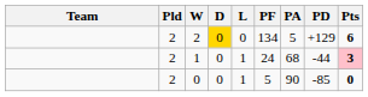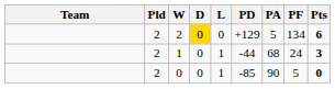 <table class="wikitable" style="text-align:center;">
 <tr>
 <th width=175>Team</th>
 <th width=20 abbr="Played">Pld</th>
 <th width=20 abbr="Won">W</th>
 <th width=20 abbr="Drawn">D</th>
 <th width=20 abbr="Lost">L</th>
+<th width=25 abbr="Points difference">PD</th>
+<th width=20 abbr="Points against">PA</th>
 <th width=20 abbr="Points for">PF</th>
-<th width=20 abbr="Points against">PA</th>
-<th width=25 abbr="Points difference">PD</th>
 <th width=20 abbr="Points">Pts</th>
 </tr>
 <tr>
 <td align=left></td>
 <td>2</td>
 <td>2</td>
 <td style="background: gold;">0</td>
 <td>0</td>
+<td>+129</td>
+<td>5</td>
 <td>134</td>
-<td>5</td>
-<td>+129</td>
 <td><strong>6</strong></td>
 </tr>
 <tr>
 <td align=left></td>
 <td>2</td>
 <td>1</td>
 <td>0</td>
 <td>1</td>
+<td>-44</td>
+<td>68</td>
 <td>24</td>
-<td>68</td>
-<td>-44</td>
-<td style="background: pink;"><strong>3</strong></td>
+<td><strong>3</strong></td>
 </tr>
 <tr>
 <td align=left></td>
 <td>2</td>
 <td>0</td>
 <td>0</td>
 <td>1</td>
+<td>-85</td>
+<td>90</td>
 <td>5</td>
-<td>90</td>
-<td>-85</td>
 <td><strong>0</strong></td>
 </tr>
 </table>
